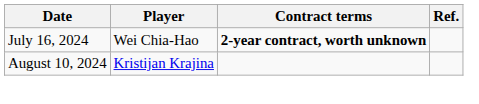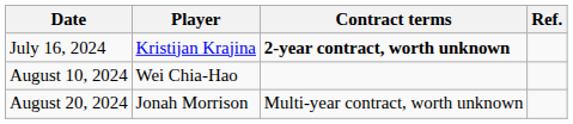 <table class="wikitable">
 <tr>
 <th>Date</th>
 <th>Player</th>
 <th>Contract terms</th>
 <th>Ref.</th>
 </tr>
 <tr>
 <td>July 16, 2024</td>
-<td>Wei Chia-Hao</td>
+<td><a href='#'>Kristijan Krajina</a></td>
 <td><strong>2-year contract, worth unknown</strong></td>
 <td></td>
 </tr>
 <tr>
 <td>August 10, 2024</td>
-<td><a href='#'>Kristijan Krajina</a></td>
+<td>Wei Chia-Hao</td>
 <td></td>
 <td></td>
 </tr>
+<tr>
+<td>August 20, 2024</td>
+<td>Jonah Morrison</td>
+<td>Multi-year contract, worth unknown</td>
+<td></td>
+</tr>
 </table>
